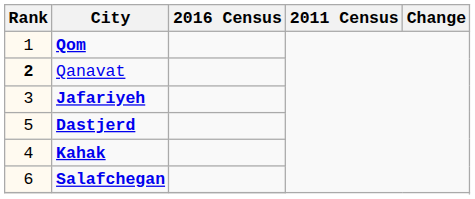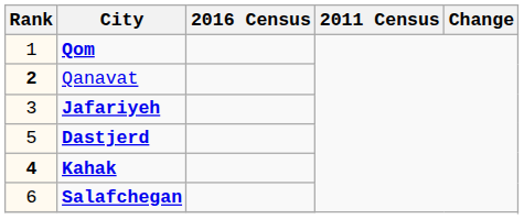 <table class="wikitable sortable">
 <tr>
 <th>Rank</th>
 <th>City</th>
 <th>2016 Census</th>
 <th>2011 Census</th>
 <th>Change</th>
 </tr>
 <tr>
 <td align=center bgcolor="FFFAF0">1</td>
 <td><strong><a href='#'>Qom</a></strong></td>
 <td></td>
 </tr>
 <tr>
 <td align=center bgcolor="FFFAF0"><strong>2</strong></td>
 <td><a href='#'>Qanavat</a></td>
 <td></td>
 </tr>
 <tr>
 <td align=center bgcolor="FFFAF0">3</td>
 <td><strong><a href='#'>Jafariyeh</a></strong></td>
 <td></td>
 </tr>
 <tr>
 <td align=center bgcolor="FFFAF0">5</td>
 <td><strong><a href='#'>Dastjerd</a></strong></td>
 <td></td>
 </tr>
 <tr>
-<td align=center bgcolor="FFFAF0">4</td>
+<td align=center bgcolor="FFFAF0"><strong>4</strong></td>
 <td><strong><a href='#'>Kahak</a></strong></td>
 <td></td>
 </tr>
 <tr>
 <td align=center bgcolor="FFFAF0">6</td>
 <td><strong><a href='#'>Salafchegan</a></strong></td>
 <td></td>
 </tr>
 <tr>
 </tr>
 </table>
